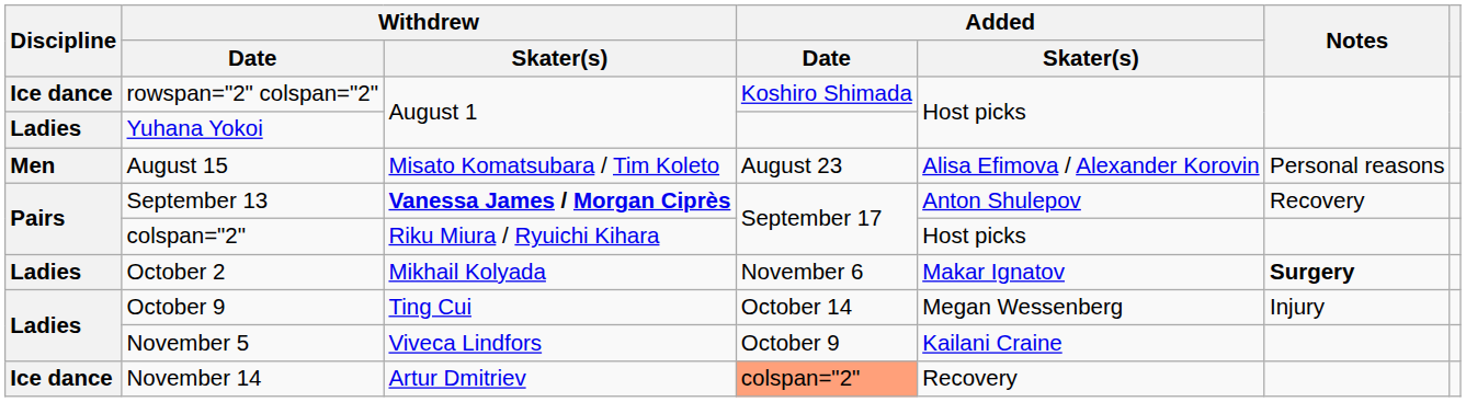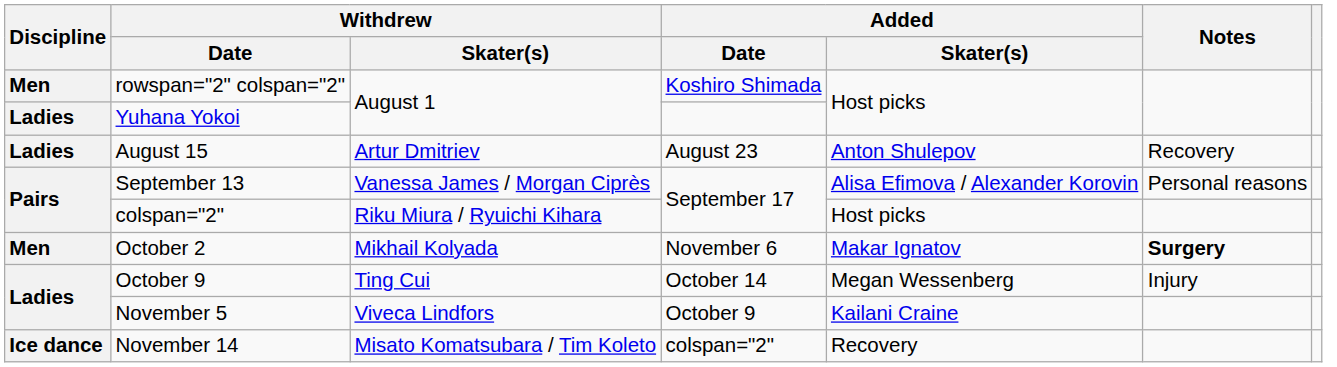 <table class="wikitable unsortable">
 <tr>
 <th scope="col" rowspan=2>Discipline</th>
 <th scope="col" colspan=2>Withdrew</th>
 <th scope="col" colspan=2>Added</th>
 <th scope="col" rowspan=2>Notes</th>
 <th scope="col" rowspan=2></th>
 </tr>
 <tr>
 <th>Date</th>
 <th>Skater(s)</th>
 <th>Date</th>
 <th>Skater(s)</th>
 </tr>
 <tr>
-<th scope="row" style="text-align:left">Ice dance</th>
+<th scope="row" style="text-align:left">Men</th>
 <td>rowspan="2" colspan="2" </td>
 <td rowspan="2">August 1</td>
 <td> <a href='#'>Koshiro Shimada</a></td>
 <td rowspan=2>Host picks</td>
 <td rowspan=2></td>
 </tr>
 <tr>
 <th scope="row" style="text-align:left">Ladies</th>
 <td> <a href='#'>Yuhana Yokoi</a></td>
 </tr>
 <tr>
-<th scope="row" style="text-align:left">Men</th>
+<th scope="row" style="text-align:left">Ladies</th>
 <td>August 15</td>
-<td> <a href='#'>Misato Komatsubara</a> / <a href='#'>Tim Koleto</a></td>
+<td> <a href='#'>Artur Dmitriev</a></td>
 <td>August 23</td>
-<td> <a href='#'>Alisa Efimova</a> / <a href='#'>Alexander Korovin</a></td>
-<td>Personal reasons</td>
+<td> <a href='#'>Anton Shulepov</a></td>
+<td>Recovery</td>
 <td></td>
 </tr>
 <tr>
 <th scope="row" style="text-align:left" rowspan="2">Pairs</th>
 <td>September 13</td>
-<td><strong> <a href='#'>Vanessa James</a> / <a href='#'>Morgan Ciprès</a></strong></td>
+<td> <a href='#'>Vanessa James</a> / <a href='#'>Morgan Ciprès</a></td>
 <td rowspan="2">September 17</td>
-<td> <a href='#'>Anton Shulepov</a></td>
-<td>Recovery</td>
+<td> <a href='#'>Alisa Efimova</a> / <a href='#'>Alexander Korovin</a></td>
+<td>Personal reasons</td>
 <td></td>
 </tr>
 <tr>
 <td>colspan="2" </td>
 <td> <a href='#'>Riku Miura</a> / <a href='#'>Ryuichi Kihara</a></td>
 <td>Host picks</td>
 <td></td>
 </tr>
 <tr>
-<th scope="row" style="text-align:left">Ladies</th>
+<th scope="row" style="text-align:left">Men</th>
 <td>October 2</td>
 <td> <a href='#'>Mikhail Kolyada</a></td>
 <td>November 6</td>
 <td> <a href='#'>Makar Ignatov</a></td>
 <td><strong>Surgery</strong></td>
 <td></td>
 </tr>
 <tr>
 <th scope="row" style="text-align:left" rowspan="2">Ladies</th>
 <td>October 9</td>
 <td> <a href='#'>Ting Cui</a></td>
 <td>October 14</td>
 <td> Megan Wessenberg</td>
 <td>Injury</td>
 <td></td>
 </tr>
 <tr>
 <td>November 5</td>
 <td> <a href='#'>Viveca Lindfors</a></td>
 <td>October 9</td>
 <td> <a href='#'>Kailani Craine</a></td>
 <td></td>
 <td></td>
 </tr>
 <tr>
 <th scope="row" style="text-align:left">Ice dance</th>
 <td>November 14</td>
-<td> <a href='#'>Artur Dmitriev</a></td>
-<td style="background: lightsalmon;">colspan="2" </td>
+<td> <a href='#'>Misato Komatsubara</a> / <a href='#'>Tim Koleto</a></td>
+<td>colspan="2" </td>
 <td>Recovery</td>
 <td></td>
 </tr>
 </table>
